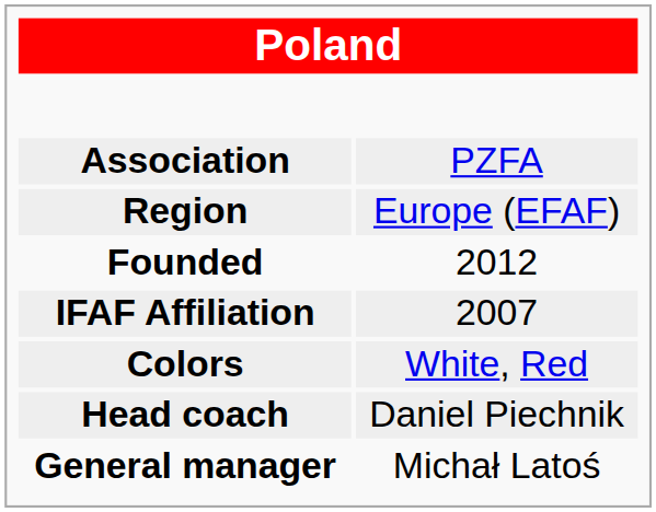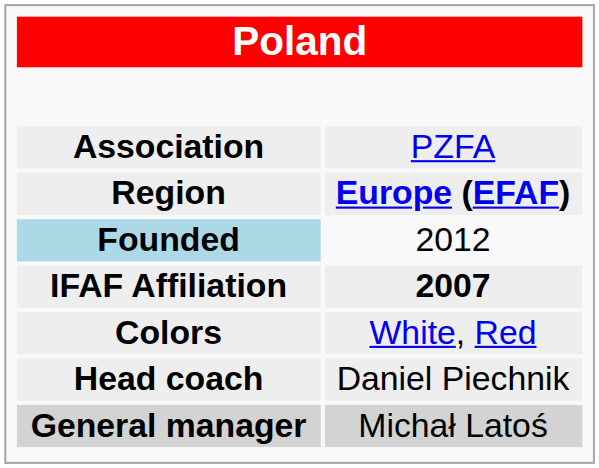 <table class="infobox" width=280>
 <tr align="center" style="background:#FF0000;color:white">
 <td colspan=4 style="text-align:center;"><big> <strong> Poland</strong></big></td>
 </tr>
 <tr align="center">
 <td colspan=4></td>
 </tr>
 <tr align="center">
 <td colspan=1><br></td>
 </tr>
 <tr align="center" bgcolor="#eeeeee">
 <td><strong>Association</strong></td>
 <td><a href='#'>PZFA</a></td>
 </tr>
 <tr align="center" bgcolor="#eeeeee">
 <td><strong>Region</strong></td>
-<td><a href='#'>Europe</a> (<a href='#'>EFAF</a>)</td>
+<td><strong><a href='#'>Europe</a> (<a href='#'>EFAF</a>)</strong></td>
 </tr>
 <tr align="center">
-<td><strong>Founded</strong></td>
+<td style="background: lightblue;"><strong>Founded</strong></td>
 <td>2012</td>
 </tr>
 <tr align="center" bgcolor="#eeeeee">
 <td><strong>IFAF Affiliation</strong></td>
-<td>2007</td>
+<td><strong>2007</strong></td>
 </tr>
 <tr align="center" bgcolor="#eeeeee">
 <td><strong>Colors</strong></td>
 <td><a href='#'>White</a>, <a href='#'>Red</a></td>
 </tr>
 <tr align="center" bgcolor="#eeeeee">
 <td><strong>Head coach</strong></td>
 <td>Daniel Piechnik</td>
 </tr>
 <tr align="center">
-<td><strong>General manager</strong></td>
-<td>Michał Latoś</td>
+<td style="background: lightgrey;"><strong>General manager</strong></td>
+<td style="background: lightgrey;">Michał Latoś</td>
 </tr>
 <tr align="center" bgcolor="#eeeeee">
 </tr>
 </table>
